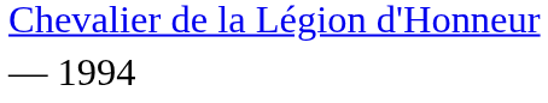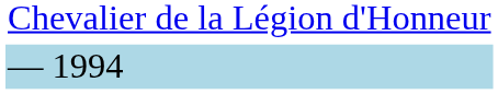 <table>
 <tr>
 <td rowspan=2 style="width:60px; vertical-align:top;"></td>
 <td><a href='#'>Chevalier de la Légion d'Honneur</a></td>
 </tr>
 <tr>
-<td>— 1994</td>
+<td style="background: lightblue;">— 1994</td>
 </tr>
 </table>
